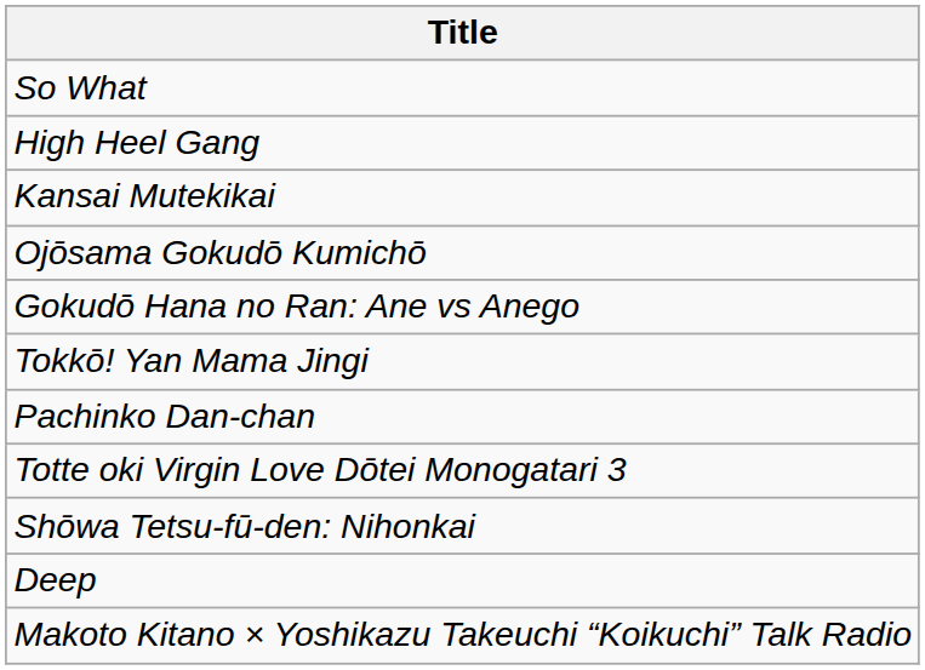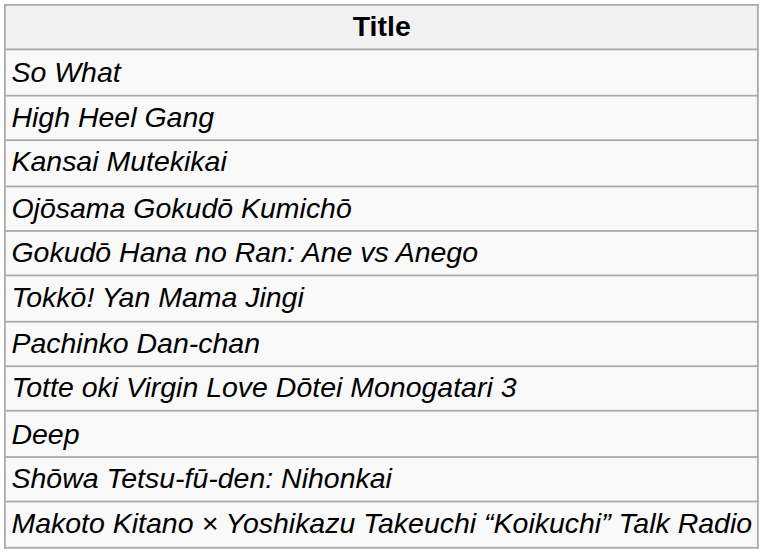 <table class="wikitable">
 <tr>
 <th>Title</th>
 </tr>
 <tr>
 <td><em>So What</em></td>
 </tr>
 <tr>
 <td><em>High Heel Gang</em></td>
 </tr>
 <tr>
 <td><em>Kansai Mutekikai</em></td>
 </tr>
 <tr>
 <td><em>Ojōsama Gokudō Kumichō</em></td>
 </tr>
 <tr>
 <td><em>Gokudō Hana no Ran: Ane vs Anego</em></td>
 </tr>
 <tr>
 <td><em>Tokkō! Yan Mama Jingi</em></td>
 </tr>
 <tr>
 <td><em>Pachinko Dan-chan</em></td>
 </tr>
 <tr>
 <td><em>Totte oki Virgin Love Dōtei Monogatari 3</em></td>
 </tr>
 <tr>
-<td><em>Shōwa Tetsu-fū-den: Nihonkai</em></td>
+<td><em>Deep</em></td>
 </tr>
 <tr>
-<td><em>Deep</em></td>
+<td><em>Shōwa Tetsu-fū-den: Nihonkai</em></td>
 </tr>
 <tr>
 <td><em>Makoto Kitano × Yoshikazu Takeuchi “Koikuchi” Talk Radio</em></td>
 </tr>
 </table>
